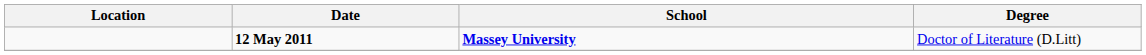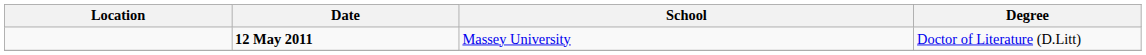 <table class="wikitable" style="width:100%;">
 <tr>
 <th style="width:20%;">Location</th>
 <th style="width:20%;">Date</th>
 <th style="width:40%;">School</th>
 <th style="width:20%;">Degree</th>
 </tr>
 <tr>
 <td></td>
 <td><strong>12 May 2011</strong></td>
-<td><strong><a href='#'>Massey University</a></strong></td>
+<td><a href='#'>Massey University</a></td>
 <td><a href='#'>Doctor of Literature</a> (D.Litt)</td>
 </tr>
 <tr>
 </tr>
 </table>
